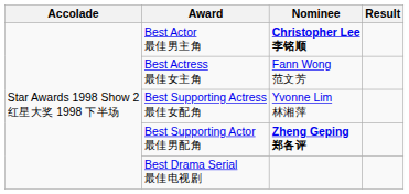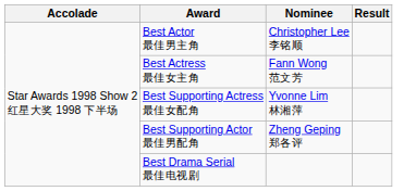 <table class="wikitable">
 <tr>
 <th>Accolade</th>
 <th>Award</th>
 <th>Nominee</th>
 <th>Result</th>
 </tr>
 <tr>
 <td rowspan="5">Star Awards 1998 Show 2 <br> 红星大奖 1998 下半场</td>
 <td><a href='#'>Best Actor</a> <br> 最佳男主角</td>
-<td><strong><a href='#'>Christopher Lee</a> <br> 李铭顺</strong></td>
+<td><a href='#'>Christopher Lee</a> <br> 李铭顺</td>
 <td></td>
 </tr>
 <tr>
 <td><a href='#'>Best Actress</a> <br> 最佳女主角</td>
 <td><a href='#'>Fann Wong</a> <br> 范文芳</td>
 <td></td>
 </tr>
 <tr>
 <td><a href='#'>Best Supporting Actress</a> <br> 最佳女配角</td>
 <td><a href='#'>Yvonne Lim</a> <br> 林湘萍</td>
 <td></td>
 </tr>
 <tr>
 <td><a href='#'>Best Supporting Actor</a> <br> 最佳男配角</td>
-<td><strong><a href='#'>Zheng Geping</a> <br> 郑各评</strong></td>
+<td><a href='#'>Zheng Geping</a> <br> 郑各评</td>
 <td></td>
 </tr>
 <tr>
 <td><a href='#'>Best Drama Serial</a> <br> 最佳电视剧</td>
 <td></td>
 <td></td>
 </tr>
 </table>
